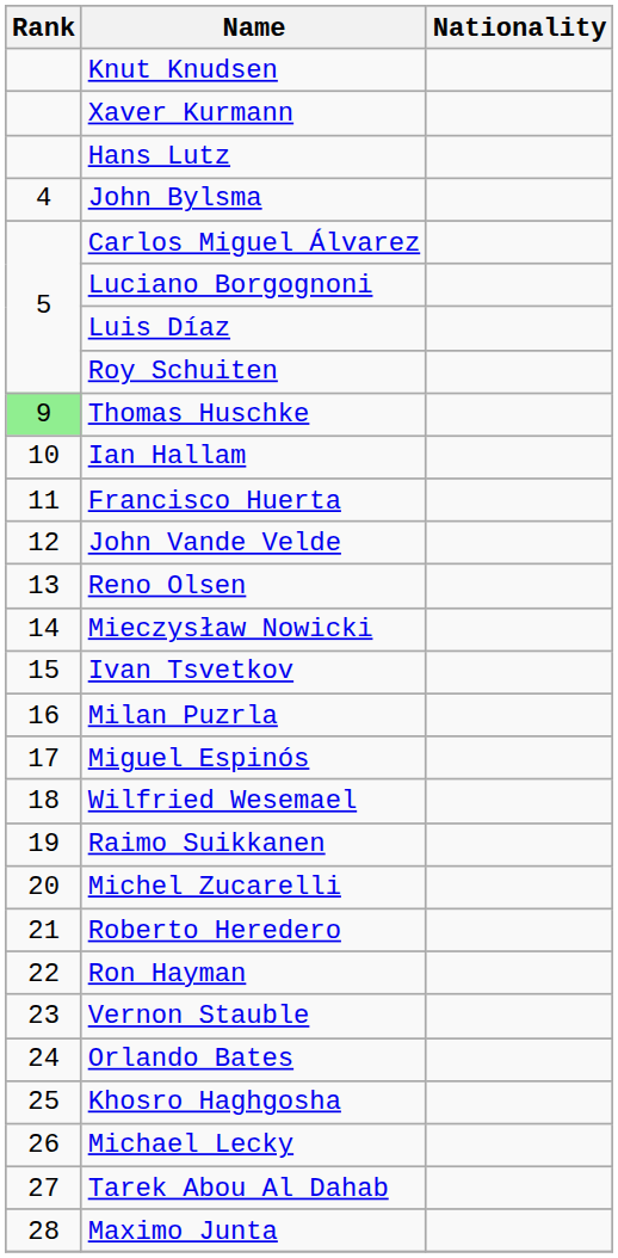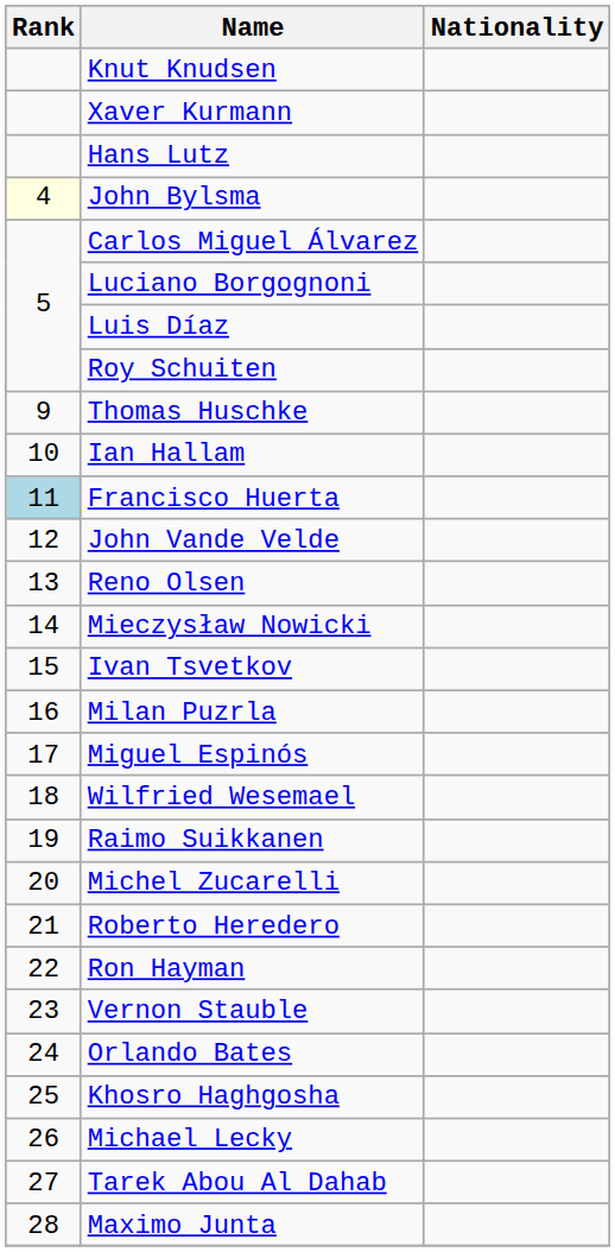 <table class="wikitable sortable" style="text-align:center">
 <tr>
 <th>Rank</th>
 <th>Name</th>
 <th>Nationality</th>
 </tr>
 <tr>
 <td></td>
 <td align=left><a href='#'>Knut Knudsen</a></td>
 <td align=left></td>
 </tr>
 <tr>
 <td></td>
 <td align=left><a href='#'>Xaver Kurmann</a></td>
 <td align=left></td>
 </tr>
 <tr>
 <td></td>
 <td align=left><a href='#'>Hans Lutz</a></td>
 <td align=left></td>
 </tr>
 <tr>
-<td>4</td>
+<td style="background: lightyellow;">4</td>
 <td align=left><a href='#'>John Bylsma</a></td>
 <td align=left></td>
 </tr>
 <tr>
 <td rowspan=4>5</td>
 <td align=left><a href='#'>Carlos Miguel Álvarez</a></td>
 <td align=left></td>
 </tr>
 <tr>
 <td align=left><a href='#'>Luciano Borgognoni</a></td>
 <td align=left></td>
 </tr>
 <tr>
 <td align=left><a href='#'>Luis Díaz</a></td>
 <td align=left></td>
 </tr>
 <tr>
 <td align=left><a href='#'>Roy Schuiten</a></td>
 <td align=left></td>
 </tr>
 <tr>
-<td style="background: lightgreen;">9</td>
+<td>9</td>
 <td align=left><a href='#'>Thomas Huschke</a></td>
 <td align=left></td>
 </tr>
 <tr>
 <td>10</td>
 <td align=left><a href='#'>Ian Hallam</a></td>
 <td align=left></td>
 </tr>
 <tr>
-<td>11</td>
+<td style="background: lightblue;">11</td>
 <td align=left><a href='#'>Francisco Huerta</a></td>
 <td align=left></td>
 </tr>
 <tr>
 <td>12</td>
 <td align=left><a href='#'>John Vande Velde</a></td>
 <td align=left></td>
 </tr>
 <tr>
 <td>13</td>
 <td align=left><a href='#'>Reno Olsen</a></td>
 <td align=left></td>
 </tr>
 <tr>
 <td>14</td>
 <td align=left><a href='#'>Mieczysław Nowicki</a></td>
 <td align=left></td>
 </tr>
 <tr>
 <td>15</td>
 <td align=left><a href='#'>Ivan Tsvetkov</a></td>
 <td align=left></td>
 </tr>
 <tr>
 <td>16</td>
 <td align=left><a href='#'>Milan Puzrla</a></td>
 <td align=left></td>
 </tr>
 <tr>
 <td>17</td>
 <td align=left><a href='#'>Miguel Espinós</a></td>
 <td align=left></td>
 </tr>
 <tr>
 <td>18</td>
 <td align=left><a href='#'>Wilfried Wesemael</a></td>
 <td align=left></td>
 </tr>
 <tr>
 <td>19</td>
 <td align=left><a href='#'>Raimo Suikkanen</a></td>
 <td align=left></td>
 </tr>
 <tr>
 <td>20</td>
 <td align=left><a href='#'>Michel Zucarelli</a></td>
 <td align=left></td>
 </tr>
 <tr>
 <td>21</td>
 <td align=left><a href='#'>Roberto Heredero</a></td>
 <td align=left></td>
 </tr>
 <tr>
 <td>22</td>
 <td align=left><a href='#'>Ron Hayman</a></td>
 <td align=left></td>
 </tr>
 <tr>
 <td>23</td>
 <td align=left><a href='#'>Vernon Stauble</a></td>
 <td align=left></td>
 </tr>
 <tr>
 <td>24</td>
 <td align=left><a href='#'>Orlando Bates</a></td>
 <td align=left></td>
 </tr>
 <tr>
 <td>25</td>
 <td align=left><a href='#'>Khosro Haghgosha</a></td>
 <td align=left></td>
 </tr>
 <tr>
 <td>26</td>
 <td align=left><a href='#'>Michael Lecky</a></td>
 <td align=left></td>
 </tr>
 <tr>
 <td>27</td>
 <td align=left><a href='#'>Tarek Abou Al Dahab</a></td>
 <td align=left></td>
 </tr>
 <tr>
 <td>28</td>
 <td align=left><a href='#'>Maximo Junta</a></td>
 <td align=left></td>
 </tr>
 <tr>
 </tr>
 </table>
